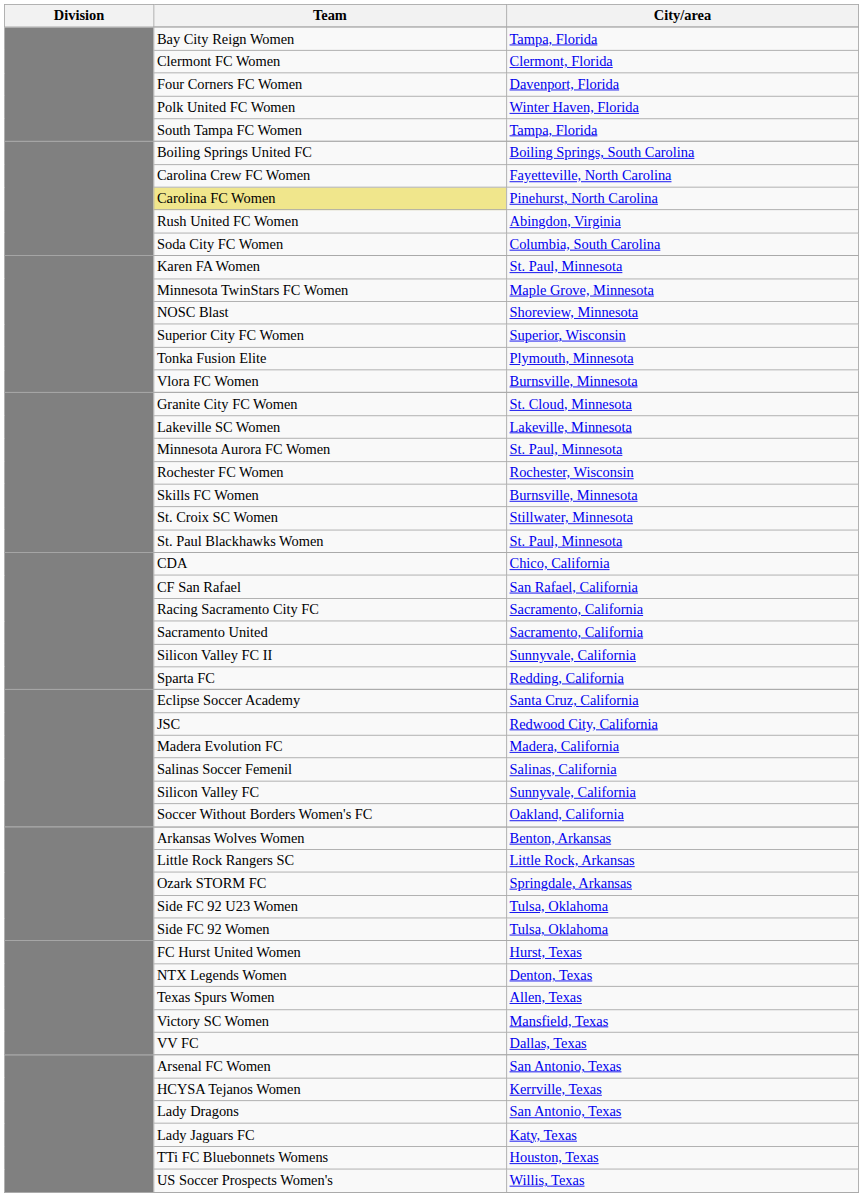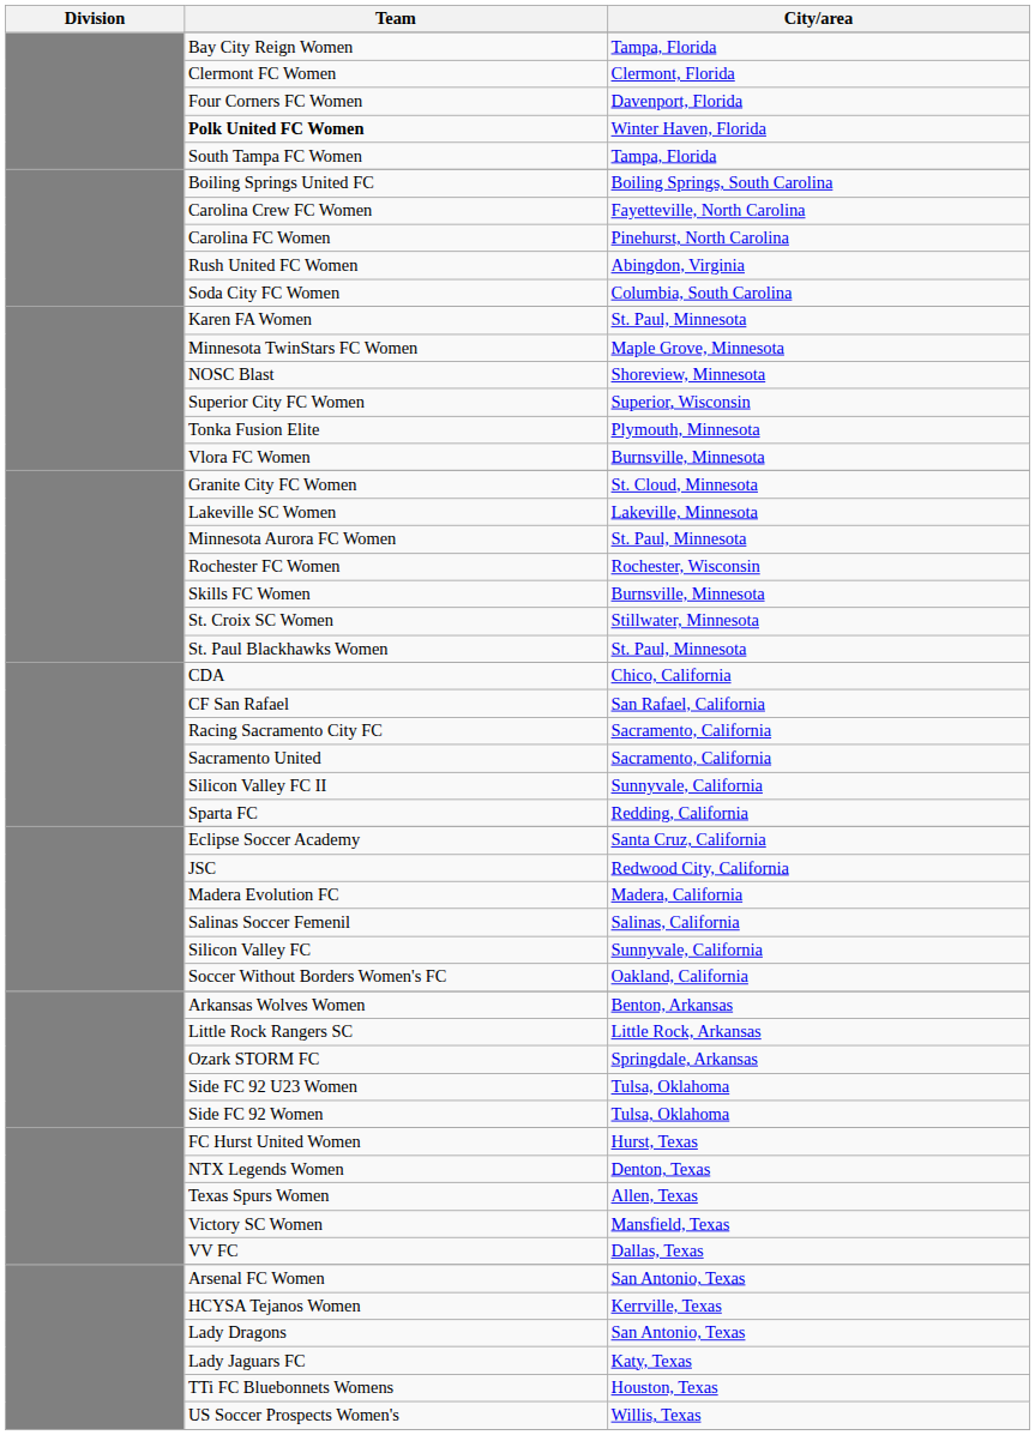 <table class="wikitable">
 <tr>
 <th scope="col" width=11%>Division</th>
 <th scope="col" width=26%>Team</th>
 <th scope="col" width=26%>City/area</th>
 </tr>
 <tr>
 <td rowspan=6 style="text-align:center; background:gray;"></td>
 </tr>
 <tr>
 <td>Bay City Reign Women</td>
 <td><a href='#'>Tampa, Florida</a></td>
 </tr>
 <tr>
 <td>Clermont FC Women</td>
 <td><a href='#'>Clermont, Florida</a></td>
 </tr>
 <tr>
 <td>Four Corners FC Women</td>
 <td><a href='#'>Davenport, Florida</a></td>
 </tr>
 <tr>
-<td>Polk United FC Women</td>
+<td><strong>Polk United FC Women</strong></td>
 <td><a href='#'>Winter Haven, Florida</a></td>
 </tr>
 <tr>
 <td>South Tampa FC Women</td>
 <td><a href='#'>Tampa, Florida</a></td>
 </tr>
 <tr>
 <td rowspan=6 style="text-align:center; background:gray;"></td>
 </tr>
 <tr>
 <td>Boiling Springs United FC</td>
 <td><a href='#'>Boiling Springs, South Carolina</a></td>
 </tr>
 <tr>
 <td>Carolina Crew FC Women</td>
 <td><a href='#'>Fayetteville, North Carolina</a></td>
 </tr>
 <tr>
-<td style="background: khaki;">Carolina FC Women</td>
+<td>Carolina FC Women</td>
 <td><a href='#'>Pinehurst, North Carolina</a></td>
 </tr>
 <tr>
 <td>Rush United FC Women</td>
 <td><a href='#'>Abingdon, Virginia</a></td>
 </tr>
 <tr>
 <td>Soda City FC Women</td>
 <td><a href='#'>Columbia, South Carolina</a></td>
 </tr>
 <tr>
 <td rowspan=7 style="text-align:center; background:gray;"></td>
 </tr>
 <tr>
 <td>Karen FA Women</td>
 <td><a href='#'>St. Paul, Minnesota</a></td>
 </tr>
 <tr>
 <td>Minnesota TwinStars FC Women</td>
 <td><a href='#'>Maple Grove, Minnesota</a></td>
 </tr>
 <tr>
 <td>NOSC Blast</td>
 <td><a href='#'>Shoreview, Minnesota</a></td>
 </tr>
 <tr>
 <td>Superior City FC Women</td>
 <td><a href='#'>Superior, Wisconsin</a></td>
 </tr>
 <tr>
 <td>Tonka Fusion Elite</td>
 <td><a href='#'>Plymouth, Minnesota</a></td>
 </tr>
 <tr>
 <td>Vlora FC Women</td>
 <td><a href='#'>Burnsville, Minnesota</a></td>
 </tr>
 <tr>
 <td rowspan=8 style="text-align:center; background:gray;"></td>
 </tr>
 <tr>
 <td>Granite City FC Women</td>
 <td><a href='#'>St. Cloud, Minnesota</a></td>
 </tr>
 <tr>
 <td>Lakeville SC Women</td>
 <td><a href='#'>Lakeville, Minnesota</a></td>
 </tr>
 <tr>
 <td>Minnesota Aurora FC Women</td>
 <td><a href='#'>St. Paul, Minnesota</a></td>
 </tr>
 <tr>
 <td>Rochester FC Women</td>
 <td><a href='#'>Rochester, Wisconsin</a></td>
 </tr>
 <tr>
 <td>Skills FC Women</td>
 <td><a href='#'>Burnsville, Minnesota</a></td>
 </tr>
 <tr>
 <td>St. Croix SC Women</td>
 <td><a href='#'>Stillwater, Minnesota</a></td>
 </tr>
 <tr>
 <td>St. Paul Blackhawks Women</td>
 <td><a href='#'>St. Paul, Minnesota</a></td>
 </tr>
 <tr>
 <td rowspan=7 style="text-align:center; background:gray;"></td>
 </tr>
 <tr>
 <td>CDA</td>
 <td><a href='#'>Chico, California</a></td>
 </tr>
 <tr>
 <td>CF San Rafael</td>
 <td><a href='#'>San Rafael, California</a></td>
 </tr>
 <tr>
 <td>Racing Sacramento City FC</td>
 <td><a href='#'>Sacramento, California</a></td>
 </tr>
 <tr>
 <td>Sacramento United</td>
 <td><a href='#'>Sacramento, California</a></td>
 </tr>
 <tr>
 <td>Silicon Valley FC II</td>
 <td><a href='#'>Sunnyvale, California</a></td>
 </tr>
 <tr>
 <td>Sparta FC</td>
 <td><a href='#'>Redding, California</a></td>
 </tr>
 <tr>
 <td rowspan=7 style="text-align:center; background:gray;"></td>
 </tr>
 <tr>
 <td>Eclipse Soccer Academy</td>
 <td><a href='#'>Santa Cruz, California</a></td>
 </tr>
 <tr>
 <td>JSC</td>
 <td><a href='#'>Redwood City, California</a></td>
 </tr>
 <tr>
 <td>Madera Evolution FC</td>
 <td><a href='#'>Madera, California</a></td>
 </tr>
 <tr>
 <td>Salinas Soccer Femenil</td>
 <td><a href='#'>Salinas, California</a></td>
 </tr>
 <tr>
 <td>Silicon Valley FC</td>
 <td><a href='#'>Sunnyvale, California</a></td>
 </tr>
 <tr>
 <td>Soccer Without Borders Women's FC</td>
 <td><a href='#'>Oakland, California</a></td>
 </tr>
 <tr>
 <td rowspan=6 style="text-align:center; background:gray;"></td>
 </tr>
 <tr>
 <td>Arkansas Wolves Women</td>
 <td><a href='#'>Benton, Arkansas</a></td>
 </tr>
 <tr>
 <td>Little Rock Rangers SC</td>
 <td><a href='#'>Little Rock, Arkansas</a></td>
 </tr>
 <tr>
 <td>Ozark STORM FC</td>
 <td><a href='#'>Springdale, Arkansas</a></td>
 </tr>
 <tr>
 <td>Side FC 92 U23 Women</td>
 <td><a href='#'>Tulsa, Oklahoma</a></td>
 </tr>
 <tr>
 <td>Side FC 92 Women</td>
 <td><a href='#'>Tulsa, Oklahoma</a></td>
 </tr>
 <tr>
 <td rowspan=6 style="text-align:center; background:gray;"></td>
 </tr>
 <tr>
 <td>FC Hurst United Women</td>
 <td><a href='#'>Hurst, Texas</a></td>
 </tr>
 <tr>
 <td>NTX Legends Women</td>
 <td><a href='#'>Denton, Texas</a></td>
 </tr>
 <tr>
 <td>Texas Spurs Women</td>
 <td><a href='#'>Allen, Texas</a></td>
 </tr>
 <tr>
 <td>Victory SC Women</td>
 <td><a href='#'>Mansfield, Texas</a></td>
 </tr>
 <tr>
 <td>VV FC</td>
 <td><a href='#'>Dallas, Texas</a></td>
 </tr>
 <tr>
 <td rowspan=7 style="text-align:center; background:gray;"></td>
 </tr>
 <tr>
 <td>Arsenal FC Women</td>
 <td><a href='#'>San Antonio, Texas</a></td>
 </tr>
 <tr>
 <td>HCYSA Tejanos Women</td>
 <td><a href='#'>Kerrville, Texas</a></td>
 </tr>
 <tr>
 <td>Lady Dragons</td>
 <td><a href='#'>San Antonio, Texas</a></td>
 </tr>
 <tr>
 <td>Lady Jaguars FC</td>
 <td><a href='#'>Katy, Texas</a></td>
 </tr>
 <tr>
 <td>TTi FC Bluebonnets Womens</td>
 <td><a href='#'>Houston, Texas</a></td>
 </tr>
 <tr>
 <td>US Soccer Prospects Women's</td>
 <td><a href='#'>Willis, Texas</a></td>
 </tr>
 <tr>
 </tr>
 </table>
